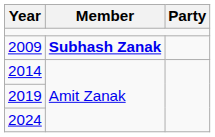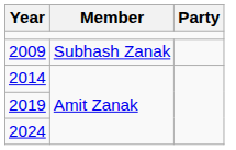 <table class="wikitable">
 <tr>
 <th>Year</th>
 <th>Member</th>
 <th colspan="2">Party</th>
 </tr>
 <tr>
 <td colspan="4"></td>
 </tr>
 <tr>
 <td><a href='#'>2009</a></td>
-<td><strong><a href='#'>Subhash Zanak</a></strong></td>
+<td><a href='#'>Subhash Zanak</a></td>
 <td></td>
 </tr>
 <tr>
 <td><a href='#'>2014</a></td>
 <td rowspan="3"><a href='#'>Amit Zanak</a></td>
 </tr>
 <tr>
 <td><a href='#'>2019</a></td>
 </tr>
 <tr>
 <td><a href='#'>2024</a></td>
 </tr>
 </table>
